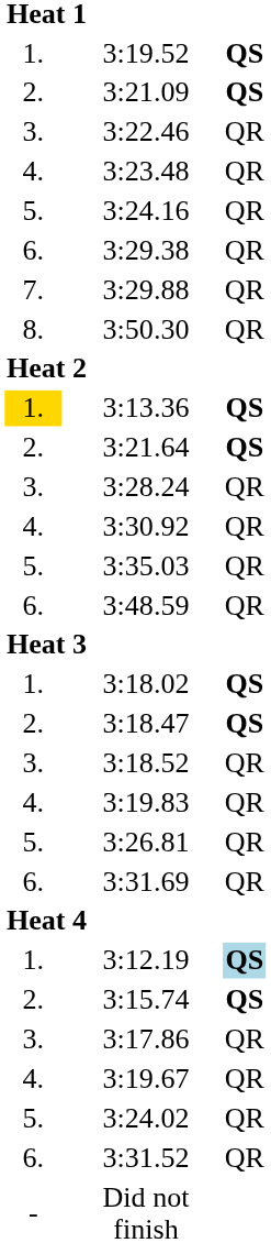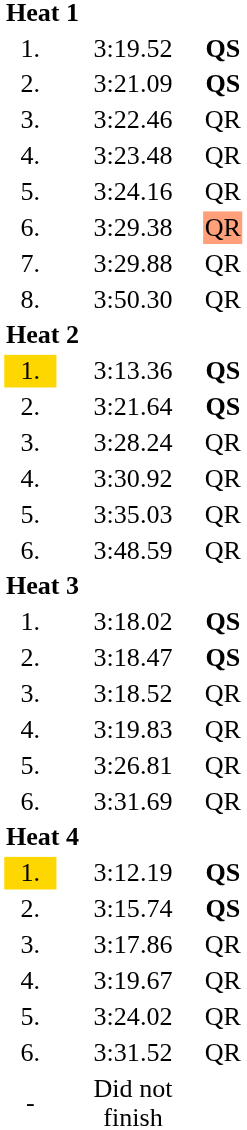 <table style="text-align:center">
 <tr>
 <td colspan=4 align=left><strong>Heat 1</strong></td>
 </tr>
 <tr>
 <td width=30>1.</td>
 <td align=left></td>
 <td width=80>3:19.52</td>
 <td><strong>QS</strong></td>
 </tr>
 <tr>
 <td>2.</td>
 <td align=left></td>
 <td>3:21.09</td>
 <td><strong>QS</strong></td>
 </tr>
 <tr>
 <td>3.</td>
 <td align=left></td>
 <td>3:22.46</td>
 <td>QR</td>
 </tr>
 <tr>
 <td>4.</td>
 <td align=left></td>
 <td>3:23.48</td>
 <td>QR</td>
 </tr>
 <tr>
 <td>5.</td>
 <td align=left></td>
 <td>3:24.16</td>
 <td>QR</td>
 </tr>
 <tr>
 <td>6.</td>
 <td align=left></td>
 <td>3:29.38</td>
-<td>QR</td>
+<td style="background: lightsalmon;">QR</td>
 </tr>
 <tr>
 <td>7.</td>
 <td align=left></td>
 <td>3:29.88</td>
 <td>QR</td>
 </tr>
 <tr>
 <td>8.</td>
 <td align=left></td>
 <td>3:50.30</td>
 <td>QR</td>
 </tr>
 <tr>
 <td colspan=4 align=left><strong>Heat 2</strong></td>
 </tr>
 <tr>
 <td style="background: gold;">1.</td>
 <td align=left></td>
 <td>3:13.36</td>
 <td><strong>QS</strong></td>
 </tr>
 <tr>
 <td>2.</td>
 <td align=left></td>
 <td>3:21.64</td>
 <td><strong>QS</strong></td>
 </tr>
 <tr>
 <td>3.</td>
 <td align=left></td>
 <td>3:28.24</td>
 <td>QR</td>
 </tr>
 <tr>
 <td>4.</td>
 <td align=left></td>
 <td>3:30.92</td>
 <td>QR</td>
 </tr>
 <tr>
 <td>5.</td>
 <td align=left></td>
 <td>3:35.03</td>
 <td>QR</td>
 </tr>
 <tr>
 <td>6.</td>
 <td align=left></td>
 <td>3:48.59</td>
 <td>QR</td>
 </tr>
 <tr>
 <td colspan=4 align=left><strong>Heat 3</strong></td>
 </tr>
 <tr>
 <td>1.</td>
 <td align=left></td>
 <td>3:18.02</td>
 <td><strong>QS</strong></td>
 </tr>
 <tr>
 <td>2.</td>
 <td align=left></td>
 <td>3:18.47</td>
 <td><strong>QS</strong></td>
 </tr>
 <tr>
 <td>3.</td>
 <td align=left></td>
 <td>3:18.52</td>
 <td>QR</td>
 </tr>
 <tr>
 <td>4.</td>
 <td align=left></td>
 <td>3:19.83</td>
 <td>QR</td>
 </tr>
 <tr>
 <td>5.</td>
 <td align=left></td>
 <td>3:26.81</td>
 <td>QR</td>
 </tr>
 <tr>
 <td>6.</td>
 <td align=left></td>
 <td>3:31.69</td>
 <td>QR</td>
 </tr>
 <tr>
 <td colspan=4 align=left><strong>Heat 4</strong></td>
 </tr>
 <tr>
-<td>1.</td>
+<td style="background: gold;">1.</td>
 <td align=left></td>
 <td>3:12.19</td>
-<td style="background: lightblue;"><strong>QS</strong></td>
+<td><strong>QS</strong></td>
 </tr>
 <tr>
 <td>2.</td>
 <td align=left></td>
 <td>3:15.74</td>
 <td><strong>QS</strong></td>
 </tr>
 <tr>
 <td>3.</td>
 <td align=left></td>
 <td>3:17.86</td>
 <td>QR</td>
 </tr>
 <tr>
 <td>4.</td>
 <td align=left></td>
 <td>3:19.67</td>
 <td>QR</td>
 </tr>
 <tr>
 <td>5.</td>
 <td align=left></td>
 <td>3:24.02</td>
 <td>QR</td>
 </tr>
 <tr>
 <td>6.</td>
 <td align=left></td>
 <td>3:31.52</td>
 <td>QR</td>
 </tr>
 <tr>
 <td>-</td>
 <td align=left></td>
 <td>Did not finish</td>
 <td></td>
 </tr>
 </table>
